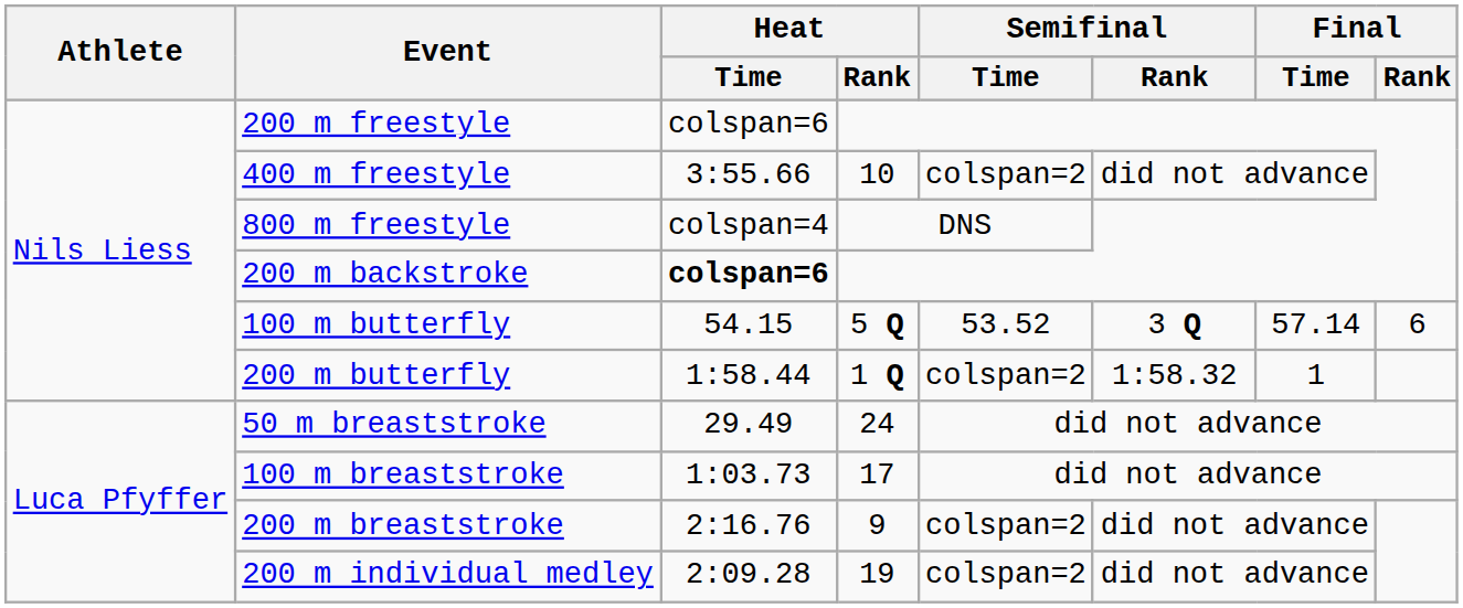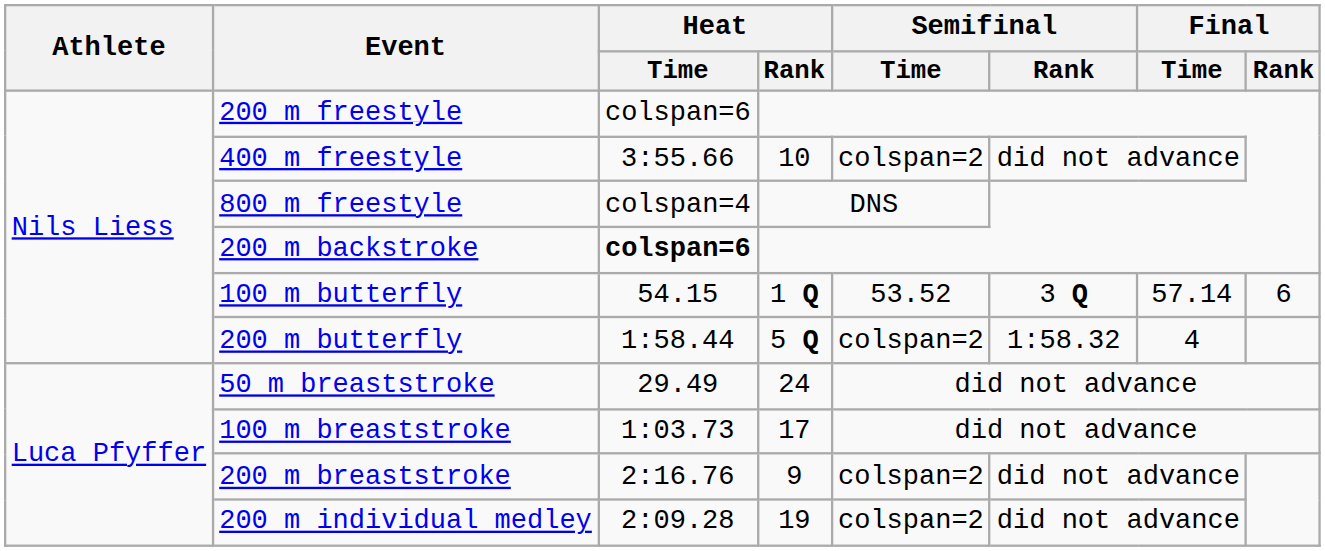 <table class=wikitable style="font-size:90%">
 <tr>
 <th rowspan=2>Athlete</th>
 <th rowspan=2>Event</th>
 <th colspan="2">Heat</th>
 <th colspan="2">Semifinal</th>
 <th colspan="2">Final</th>
 </tr>
 <tr style="font-size:95%">
 <th>Time</th>
 <th>Rank</th>
 <th>Time</th>
 <th>Rank</th>
 <th>Time</th>
 <th>Rank</th>
 </tr>
 <tr align=center>
 <td align=left rowspan=6><a href='#'>Nils Liess</a></td>
 <td align=left><a href='#'>200 m freestyle</a></td>
 <td>colspan=6 </td>
 </tr>
 <tr align=center>
 <td align=left><a href='#'>400 m freestyle</a></td>
 <td>3:55.66</td>
 <td>10</td>
 <td>colspan=2 </td>
 <td colspan=2>did not advance</td>
 </tr>
 <tr align=center>
 <td align=left><a href='#'>800 m freestyle</a></td>
 <td>colspan=4 </td>
 <td colspan=2>DNS</td>
 </tr>
 <tr align=center>
 <td align=left><a href='#'>200 m backstroke</a></td>
 <td><strong>colspan=6 </strong></td>
 </tr>
 <tr align=center>
 <td align=left><a href='#'>100 m butterfly</a></td>
 <td>54.15</td>
-<td>5 <strong>Q</strong></td>
+<td>1 <strong>Q</strong></td>
 <td>53.52</td>
 <td>3 <strong>Q</strong></td>
 <td>57.14</td>
 <td>6</td>
 </tr>
 <tr align=center>
 <td align=left><a href='#'>200 m butterfly</a></td>
 <td>1:58.44</td>
-<td>1 <strong>Q</strong></td>
+<td>5 <strong>Q</strong></td>
 <td>colspan=2 </td>
 <td>1:58.32</td>
-<td>1</td>
+<td>4</td>
 </tr>
 <tr align=center>
 <td align=left rowspan=4><a href='#'>Luca Pfyffer</a></td>
 <td align=left><a href='#'>50 m breaststroke</a></td>
 <td>29.49</td>
 <td>24</td>
 <td colspan=4>did not advance</td>
 </tr>
 <tr align=center>
 <td align=left><a href='#'>100 m breaststroke</a></td>
 <td>1:03.73</td>
 <td>17</td>
 <td colspan=4>did not advance</td>
 </tr>
 <tr align=center>
 <td align=left><a href='#'>200 m breaststroke</a></td>
 <td>2:16.76</td>
 <td>9</td>
 <td>colspan=2 </td>
 <td colspan=2>did not advance</td>
 </tr>
 <tr align=center>
 <td align=left><a href='#'>200 m individual medley</a></td>
 <td>2:09.28</td>
 <td>19</td>
 <td>colspan=2 </td>
 <td colspan=2>did not advance</td>
 </tr>
 </table>
